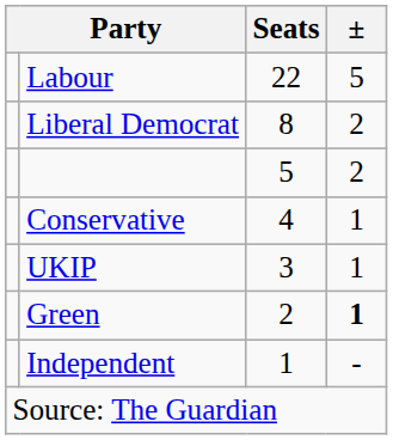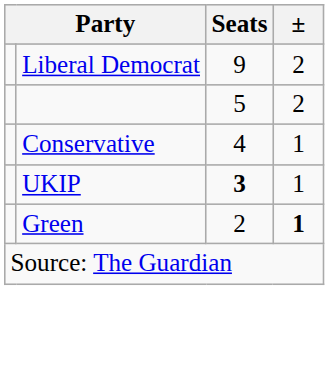 <table class="sortable wikitable">
 <tr>
 <th colspan="2">Party</th>
 <th>Seats</th>
 <th>  ±  </th>
 </tr>
 <tr>
 <td style="background-color: "></td>
-<td><a href='#'>Labour</a></td>
-<td align="center">22</td>
-<td align="center">5</td>
-</tr>
-<tr>
-<td style="background-color: "></td>
 <td><a href='#'>Liberal Democrat</a></td>
-<td align="center">8</td>
+<td align="center">9</td>
 <td align="center">2</td>
 </tr>
 <tr>
 <td style="background-color: "></td>
 <td><a href='#'></a></td>
 <td align="center">5</td>
 <td align="center">2</td>
 </tr>
 <tr>
 <td style="background-color: "></td>
 <td><a href='#'>Conservative</a></td>
 <td align="center">4</td>
 <td align="center">1</td>
 </tr>
 <tr>
 <td style="background-color: "></td>
 <td><a href='#'>UKIP</a></td>
-<td align="center">3</td>
+<td align="center"><strong>3</strong></td>
 <td align="center">1</td>
 </tr>
 <tr>
 <td style="background-color: "></td>
 <td><a href='#'>Green</a></td>
 <td align="center">2</td>
 <td align="center"><strong>1</strong></td>
 </tr>
 <tr>
-<td style="background-color: "></td>
-<td><a href='#'>Independent</a></td>
-<td align="center">1</td>
-<td align="center">-</td>
-</tr>
-<tr>
 <td colspan=4>Source: <a href='#'>The Guardian</a></td>
 </tr>
 </table>
